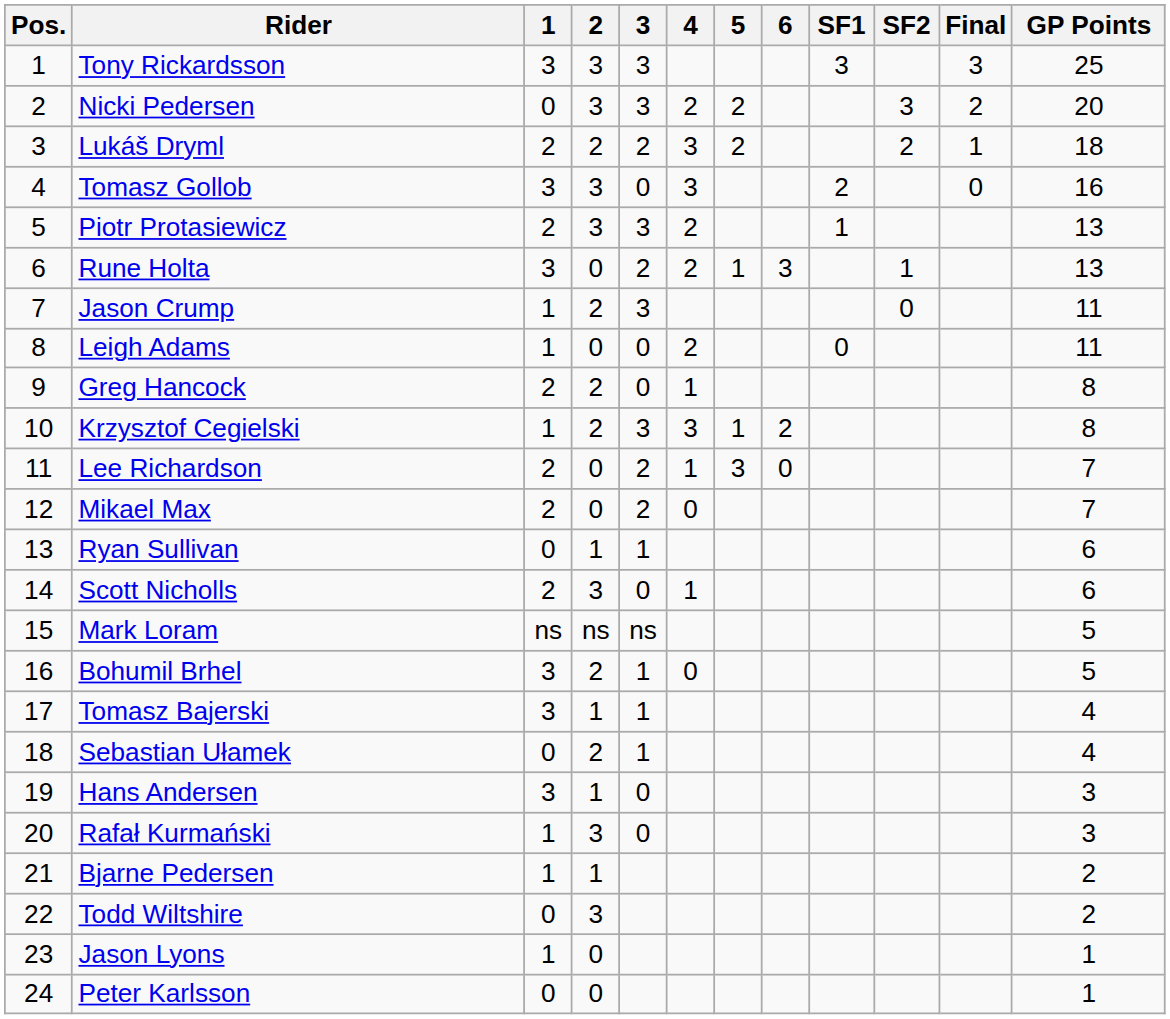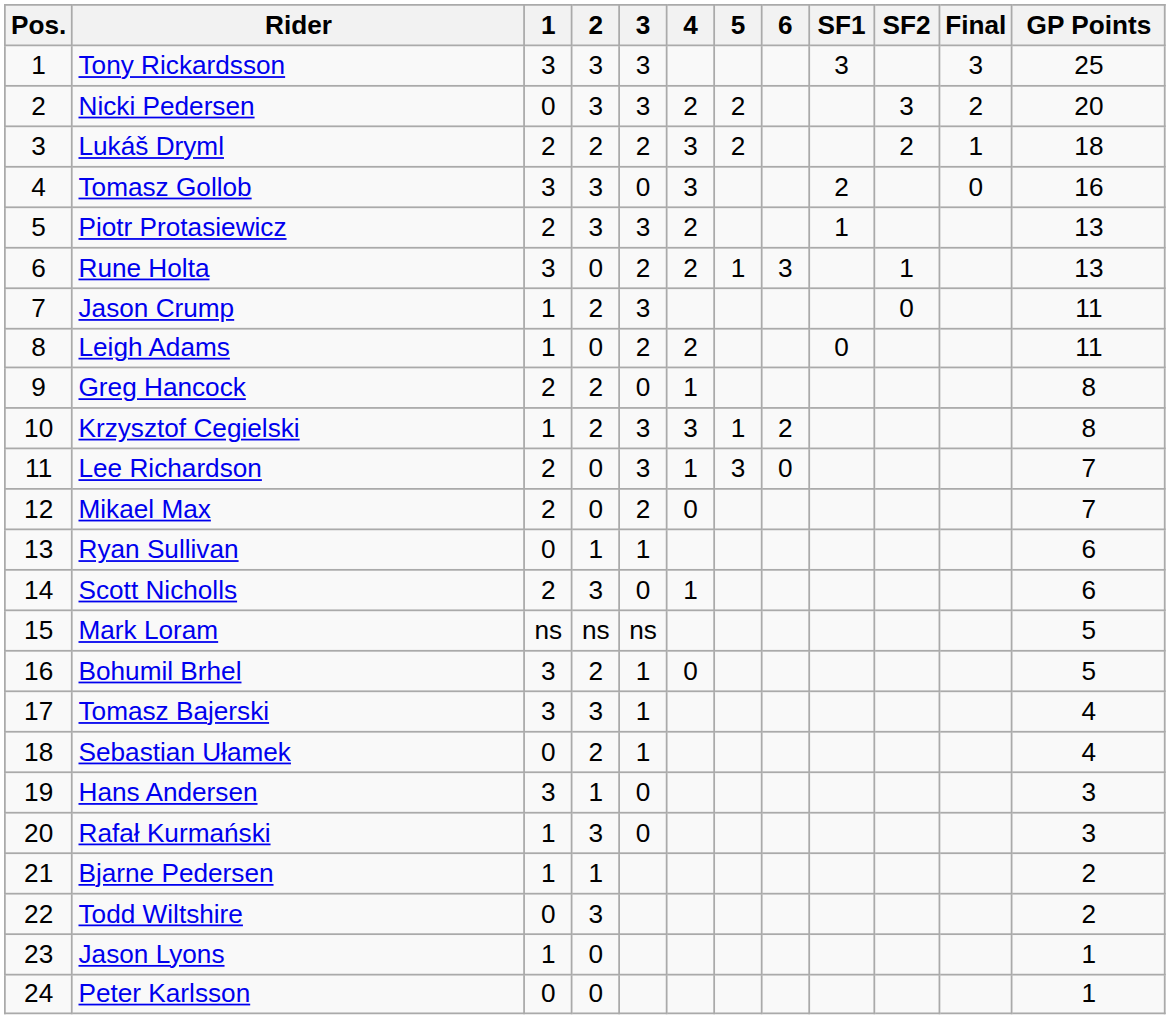 <table class=wikitable style="font-size:93%;">
 <tr>
 <th width=25px>Pos.</th>
 <th width=250px>Rider</th>
 <th width=20px>1</th>
 <th width=20px>2</th>
 <th width=20px>3</th>
 <th width=20px>4</th>
 <th width=20px>5</th>
 <th width=20px>6</th>
 <th width=30px>SF1</th>
 <th width=30px>SF2</th>
 <th width=30px>Final</th>
 <th width=80px>GP Points</th>
 </tr>
 <tr align=center style="background-color:">
 <td>1</td>
 <td align=left> <a href='#'>Tony Rickardsson</a></td>
 <td>3</td>
 <td>3</td>
 <td>3</td>
 <td></td>
 <td></td>
 <td></td>
 <td>  3</td>
 <td></td>
 <td>3</td>
 <td>25</td>
 </tr>
 <tr align=center style="background-color:">
 <td>2</td>
 <td align=left> <a href='#'>Nicki Pedersen</a></td>
 <td>0</td>
 <td>3</td>
 <td>3</td>
 <td>2</td>
 <td>2</td>
 <td></td>
 <td></td>
 <td>3</td>
 <td>2</td>
 <td>20</td>
 </tr>
 <tr align=center style="background-color:">
 <td>3</td>
 <td align=left> <a href='#'>Lukáš Dryml</a></td>
 <td>2</td>
 <td>2</td>
 <td>2</td>
 <td>3</td>
 <td>2</td>
 <td></td>
 <td></td>
 <td>2</td>
 <td>1</td>
 <td>18</td>
 </tr>
 <tr align=center>
 <td>4</td>
 <td align=left> <a href='#'>Tomasz Gollob</a></td>
 <td>3</td>
 <td>3</td>
 <td>0</td>
 <td>3</td>
 <td></td>
 <td></td>
 <td>2</td>
 <td></td>
 <td>0</td>
 <td>16</td>
 </tr>
 <tr align=center>
 <td>5</td>
 <td align=left> <a href='#'>Piotr Protasiewicz</a></td>
 <td>2</td>
 <td>3</td>
 <td>3</td>
 <td>2</td>
 <td></td>
 <td></td>
 <td>1</td>
 <td></td>
 <td></td>
 <td>13</td>
 </tr>
 <tr align=center>
 <td>6</td>
 <td align=left> <a href='#'>Rune Holta</a></td>
 <td>3</td>
 <td>0</td>
 <td>2</td>
 <td>2</td>
 <td>1</td>
 <td>3</td>
 <td></td>
 <td>1</td>
 <td></td>
 <td>13</td>
 </tr>
 <tr align=center>
 <td>7</td>
 <td align=left> <a href='#'>Jason Crump</a></td>
 <td>1</td>
 <td>2</td>
 <td>3</td>
 <td></td>
 <td></td>
 <td></td>
 <td></td>
 <td>0</td>
 <td></td>
 <td>11</td>
 </tr>
 <tr align=center>
 <td>8</td>
 <td align=left> <a href='#'>Leigh Adams</a></td>
 <td>1</td>
 <td>0</td>
-<td>0</td>
+<td>2</td>
 <td>2</td>
 <td></td>
 <td></td>
 <td>0</td>
 <td></td>
 <td></td>
 <td>11</td>
 </tr>
 <tr align=center>
 <td>9</td>
 <td align=left> <a href='#'>Greg Hancock</a></td>
 <td>2</td>
 <td>2</td>
 <td>0</td>
 <td>1</td>
 <td></td>
 <td></td>
 <td></td>
 <td></td>
 <td></td>
 <td>8</td>
 </tr>
 <tr align=center>
 <td>10</td>
 <td align=left> <a href='#'>Krzysztof Cegielski</a></td>
 <td>1</td>
 <td>2</td>
 <td>3</td>
 <td>3</td>
 <td>1</td>
 <td>2</td>
 <td></td>
 <td></td>
 <td></td>
 <td>8</td>
 </tr>
 <tr align=center>
 <td>11</td>
 <td align=left> <a href='#'>Lee Richardson</a></td>
 <td>2</td>
 <td>0</td>
-<td>2</td>
+<td>3</td>
 <td>1</td>
 <td>3</td>
 <td>0</td>
 <td></td>
 <td></td>
 <td></td>
 <td>7</td>
 </tr>
 <tr align=center>
 <td>12</td>
 <td align=left> <a href='#'>Mikael Max</a></td>
 <td>2</td>
 <td>0</td>
 <td>2</td>
 <td>0</td>
 <td></td>
 <td></td>
 <td></td>
 <td></td>
 <td></td>
 <td>7</td>
 </tr>
 <tr align=center>
 <td>13</td>
 <td align=left> <a href='#'>Ryan Sullivan</a></td>
 <td>0</td>
 <td>1</td>
 <td>1</td>
 <td></td>
 <td></td>
 <td></td>
 <td></td>
 <td></td>
 <td></td>
 <td>6</td>
 </tr>
 <tr align=center>
 <td>14</td>
 <td align=left> <a href='#'>Scott Nicholls</a></td>
 <td>2</td>
 <td>3</td>
 <td>0</td>
 <td>1</td>
 <td></td>
 <td></td>
 <td></td>
 <td></td>
 <td></td>
 <td>6</td>
 </tr>
 <tr align=center>
 <td>15</td>
 <td align=left> <a href='#'>Mark Loram</a></td>
 <td>ns</td>
 <td>ns</td>
 <td>ns</td>
 <td></td>
 <td></td>
 <td></td>
 <td></td>
 <td></td>
 <td></td>
 <td>5</td>
 </tr>
 <tr align=center>
 <td>16</td>
 <td align=left> <a href='#'>Bohumil Brhel</a></td>
 <td>3</td>
 <td>2</td>
 <td>1</td>
 <td>0</td>
 <td></td>
 <td></td>
 <td></td>
 <td></td>
 <td></td>
 <td>5</td>
 </tr>
 <tr align=center>
 <td>17</td>
 <td align=left> <a href='#'>Tomasz Bajerski</a></td>
 <td>3</td>
-<td>1</td>
+<td>3</td>
 <td>1</td>
 <td></td>
 <td></td>
 <td></td>
 <td></td>
 <td></td>
 <td></td>
 <td>4</td>
 </tr>
 <tr align=center>
 <td>18</td>
 <td align=left> <a href='#'>Sebastian Ułamek</a></td>
 <td>0</td>
 <td>2</td>
 <td>1</td>
 <td></td>
 <td></td>
 <td></td>
 <td></td>
 <td></td>
 <td></td>
 <td>4</td>
 </tr>
 <tr align=center>
 <td>19</td>
 <td align=left> <a href='#'>Hans Andersen</a></td>
 <td>3</td>
 <td>1</td>
 <td>0</td>
 <td></td>
 <td></td>
 <td></td>
 <td></td>
 <td></td>
 <td></td>
 <td>3</td>
 </tr>
 <tr align=center>
 <td>20</td>
 <td align=left> <a href='#'>Rafał Kurmański</a></td>
 <td>1</td>
 <td>3</td>
 <td>0</td>
 <td></td>
 <td></td>
 <td></td>
 <td></td>
 <td></td>
 <td></td>
 <td>3</td>
 </tr>
 <tr align=center>
 <td>21</td>
 <td align=left> <a href='#'>Bjarne Pedersen</a></td>
 <td>1</td>
 <td>1</td>
 <td></td>
 <td></td>
 <td></td>
 <td></td>
 <td></td>
 <td></td>
 <td></td>
 <td>2</td>
 </tr>
 <tr align=center>
 <td>22</td>
 <td align=left> <a href='#'>Todd Wiltshire</a></td>
 <td>0</td>
 <td>3</td>
 <td></td>
 <td></td>
 <td></td>
 <td></td>
 <td></td>
 <td></td>
 <td></td>
 <td>2</td>
 </tr>
 <tr align=center>
 <td>23</td>
 <td align=left> <a href='#'>Jason Lyons</a></td>
 <td>1</td>
 <td>0</td>
 <td></td>
 <td></td>
 <td></td>
 <td></td>
 <td></td>
 <td></td>
 <td></td>
 <td>1</td>
 </tr>
 <tr align=center>
 <td>24</td>
 <td align=left> <a href='#'>Peter Karlsson</a></td>
 <td>0</td>
 <td>0</td>
 <td></td>
 <td></td>
 <td></td>
 <td></td>
 <td></td>
 <td></td>
 <td></td>
 <td>1</td>
 </tr>
 </table>
